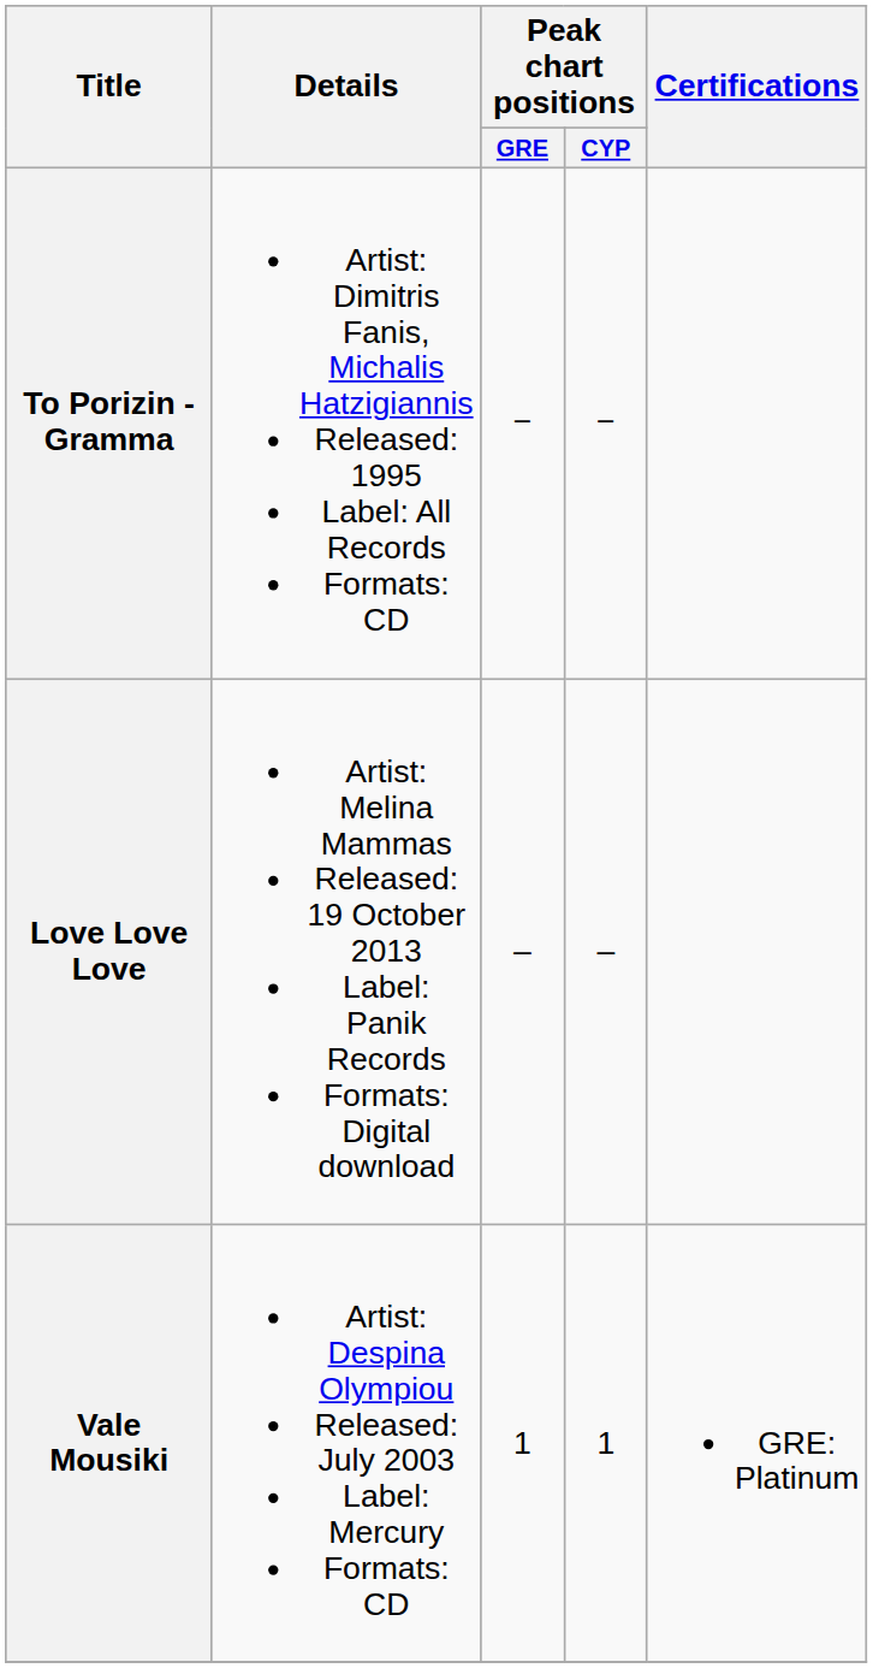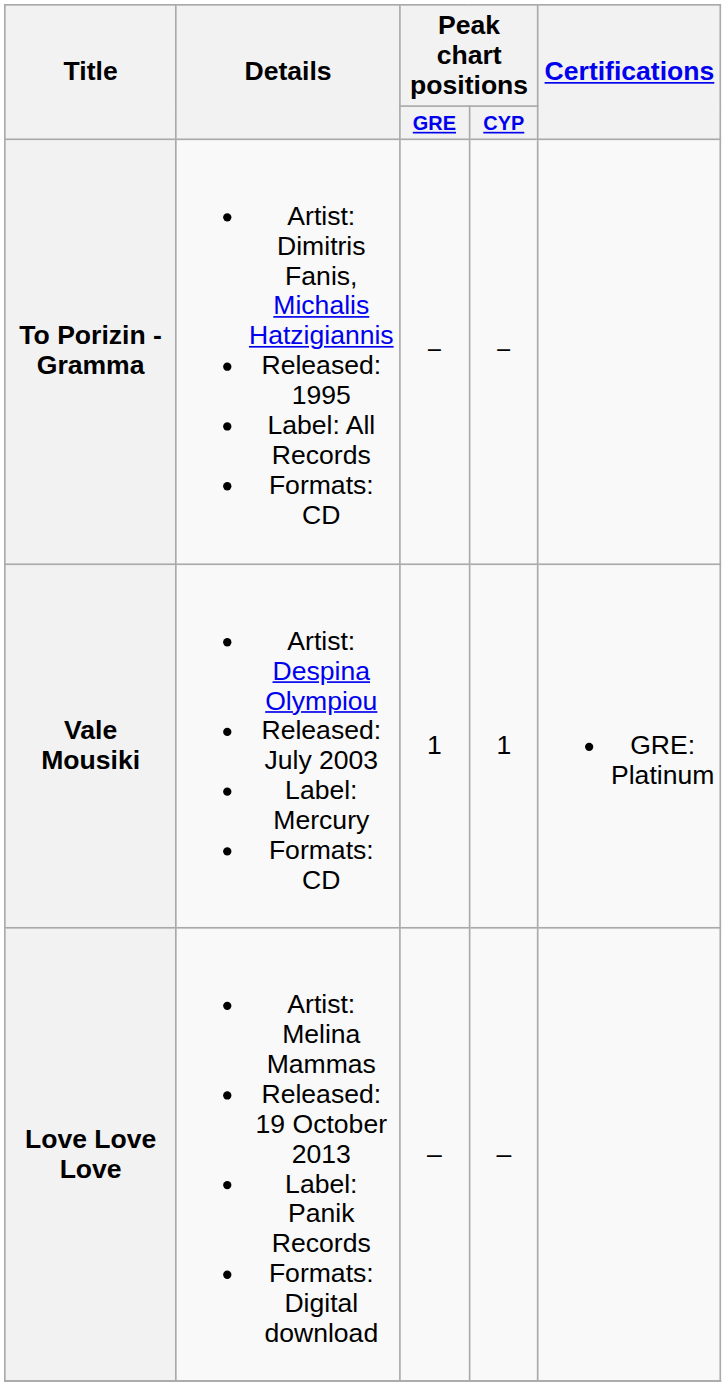 <table class="wikitable plainrowheaders" style="text-align:center;">
 <tr>
 <th scope="col" rowspan="2" style="width:6em;">Title</th>
 <th scope="col" rowspan="2" style="width:6em;">Details</th>
 <th scope="col" colspan="2">Peak chart positions</th>
 <th scope="col" rowspan="2" style="width:6em;"><a href='#'>Certifications</a></th>
 </tr>
 <tr>
 <th style="width:3em;font-size:75%"><a href='#'>GRE</a></th>
 <th style="width:3em;font-size:75%"><a href='#'>CYP</a></th>
 </tr>
 <tr>
 <th scope="row">To Porizin - Gramma</th>
 <td><br><ul><li>Artist: Dimitris Fanis, <a href='#'>Michalis Hatzigiannis</a></li><li>Released: 1995</li><li>Label: All Records</li><li>Formats: CD</li></ul></td>
 <td>−</td>
 <td>−</td>
 <td></td>
 </tr>
 <tr>
+<th scope="row">Vale Mousiki</th>
+<td><br><ul><li>Artist: <a href='#'>Despina Olympiou</a></li><li>Released: July 2003</li><li>Label: Mercury</li><li>Formats: CD</li></ul></td>
+<td>1</td>
+<td>1</td>
+<td><br><ul><li>GRE: Platinum</li></ul></td>
+</tr>
+<tr>
 <th scope="row">Love Love Love</th>
 <td><br><ul><li>Artist: Melina Mammas</li><li>Released: 19 October 2013</li><li>Label: Panik Records</li><li>Formats: Digital download</li></ul></td>
 <td>–</td>
 <td>–</td>
 <td></td>
 </tr>
 <tr>
-<th scope="row">Vale Mousiki</th>
-<td><br><ul><li>Artist: <a href='#'>Despina Olympiou</a></li><li>Released: July 2003</li><li>Label: Mercury</li><li>Formats: CD</li></ul></td>
-<td>1</td>
-<td>1</td>
-<td><br><ul><li>GRE: Platinum</li></ul></td>
-</tr>
-<tr>
 </tr>
 </table>
